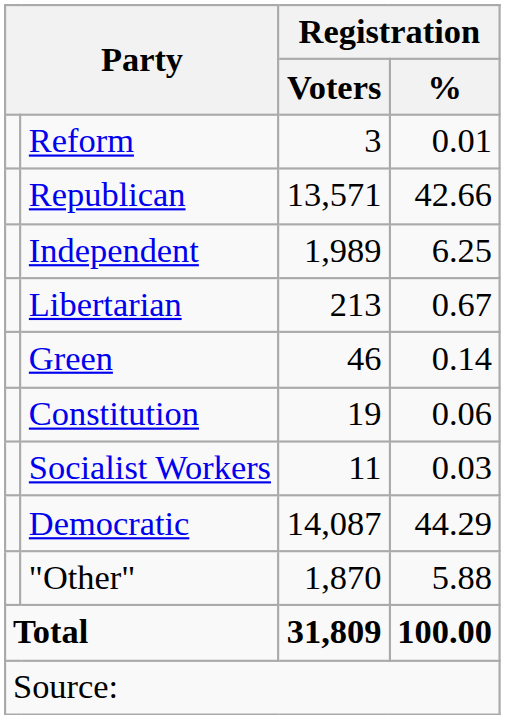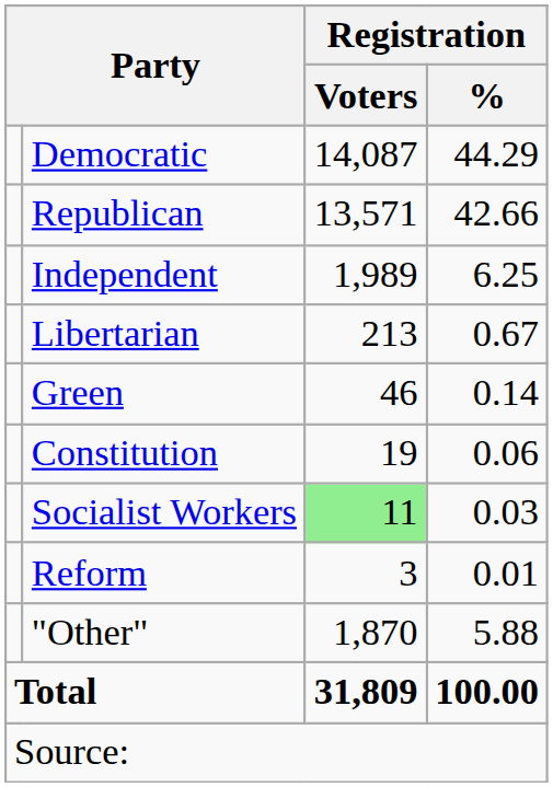 <table class="wikitable">
 <tr>
 <th colspan="2" rowspan="2">Party</th>
 <th colspan="2">Registration</th>
 </tr>
 <tr>
 <th>Voters</th>
 <th>%</th>
 </tr>
 <tr>
 <td style="background-color:"></td>
-<td><a href='#'>Reform</a></td>
-<td style="text-align:right;">3</td>
-<td style="text-align:right;">0.01</td>
+<td><a href='#'>Democratic</a></td>
+<td style="text-align:right;">14,087</td>
+<td style="text-align:right;">44.29</td>
 </tr>
 <tr>
 <td style="background-color:"></td>
 <td><a href='#'>Republican</a></td>
 <td style="text-align:right;">13,571</td>
 <td style="text-align:right;">42.66</td>
 </tr>
 <tr>
 <td style="background-color:"></td>
 <td><a href='#'>Independent</a></td>
 <td style="text-align:right;">1,989</td>
 <td style="text-align:right;">6.25</td>
 </tr>
 <tr>
 <td style="background-color:"></td>
 <td><a href='#'>Libertarian</a></td>
 <td style="text-align:right;">213</td>
 <td style="text-align:right;">0.67</td>
 </tr>
 <tr>
 <td style="background-color:"></td>
 <td><a href='#'>Green</a></td>
 <td style="text-align:right;">46</td>
 <td style="text-align:right;">0.14</td>
 </tr>
 <tr>
 <td style="background-color:"></td>
 <td><a href='#'>Constitution</a></td>
 <td style="text-align:right;">19</td>
 <td style="text-align:right;">0.06</td>
 </tr>
 <tr>
 <td style="background-color:"></td>
 <td><a href='#'>Socialist Workers</a></td>
-<td style="text-align:right;">11</td>
+<td style="background: lightgreen; text-align:right;">11</td>
 <td style="text-align:right;">0.03</td>
 </tr>
 <tr>
 <td style="background-color:"></td>
-<td><a href='#'>Democratic</a></td>
-<td style="text-align:right;">14,087</td>
-<td style="text-align:right;">44.29</td>
+<td><a href='#'>Reform</a></td>
+<td style="text-align:right;">3</td>
+<td style="text-align:right;">0.01</td>
 </tr>
 <tr>
 <td></td>
 <td>"Other"</td>
 <td style="text-align:right;">1,870</td>
 <td style="text-align:right;">5.88</td>
 </tr>
 <tr>
 <td colspan="2"><strong>Total</strong></td>
 <td style="text-align:right;"><strong>31,809</strong></td>
 <td style="text-align:right;"><strong>100.00</strong></td>
 </tr>
 <tr>
 <td colspan="4">Source: <em></em></td>
 </tr>
 </table>
